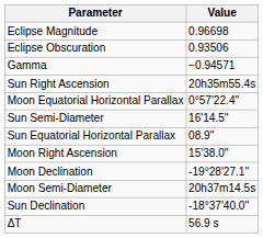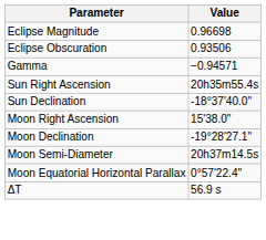 <table class="wikitable">
 <tr>
 <th>Parameter</th>
 <th>Value</th>
 </tr>
 <tr>
 <td>Eclipse Magnitude</td>
 <td>0.96698</td>
 </tr>
 <tr>
 <td>Eclipse Obscuration</td>
 <td>0.93506</td>
 </tr>
 <tr>
 <td>Gamma</td>
 <td>−0.94571</td>
 </tr>
 <tr>
 <td>Sun Right Ascension</td>
 <td>20h35m55.4s</td>
 </tr>
 <tr>
-<td>Moon Equatorial Horizontal Parallax</td>
-<td>0°57'22.4"</td>
-</tr>
-<tr>
-<td>Sun Semi-Diameter</td>
-<td>16'14.5"</td>
-</tr>
-<tr>
-<td>Sun Equatorial Horizontal Parallax</td>
-<td>08.9"</td>
+<td>Sun Declination</td>
+<td>-18°37'40.0"</td>
 </tr>
 <tr>
 <td>Moon Right Ascension</td>
 <td>15'38.0"</td>
 </tr>
 <tr>
 <td>Moon Declination</td>
 <td>-19°28'27.1"</td>
 </tr>
 <tr>
 <td>Moon Semi-Diameter</td>
 <td>20h37m14.5s</td>
 </tr>
 <tr>
-<td>Sun Declination</td>
-<td>-18°37'40.0"</td>
+<td>Moon Equatorial Horizontal Parallax</td>
+<td>0°57'22.4"</td>
 </tr>
 <tr>
 <td>ΔT</td>
 <td>56.9 s</td>
 </tr>
 </table>
